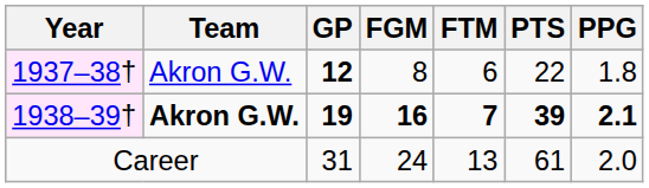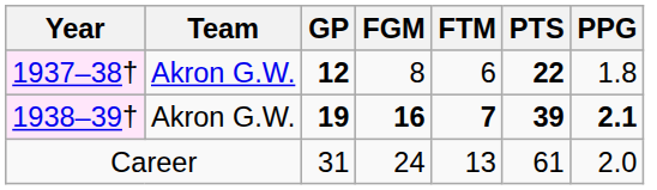 <table class="wikitable sortable" style="font-size:95%; text-align:right;">
 <tr>
 <th>Year</th>
 <th>Team</th>
 <th>GP</th>
 <th>FGM</th>
 <th>FTM</th>
 <th>PTS</th>
 <th>PPG</th>
 </tr>
 <tr>
 <td style="text-align:left;background:#ffe6fa;"><a href='#'>1937–38</a>†</td>
 <td style="text-align:left;"><a href='#'>Akron G.W.</a></td>
 <td><strong>12</strong></td>
 <td>8</td>
 <td>6</td>
-<td>22</td>
+<td><strong>22</strong></td>
 <td>1.8</td>
 </tr>
 <tr>
 <td style="text-align:left;background:#ffe6fa;"><a href='#'>1938–39</a>†</td>
-<td style="text-align:left;"><strong>Akron G.W.</strong></td>
+<td style="text-align:left;">Akron G.W.</td>
 <td><strong>19</strong></td>
 <td><strong>16</strong></td>
 <td><strong>7</strong></td>
 <td><strong>39</strong></td>
 <td><strong>2.1</strong></td>
 </tr>
 <tr>
 <td style="text-align:center;" colspan="2">Career</td>
 <td>31</td>
 <td>24</td>
 <td>13</td>
 <td>61</td>
 <td>2.0</td>
 </tr>
 </table>
